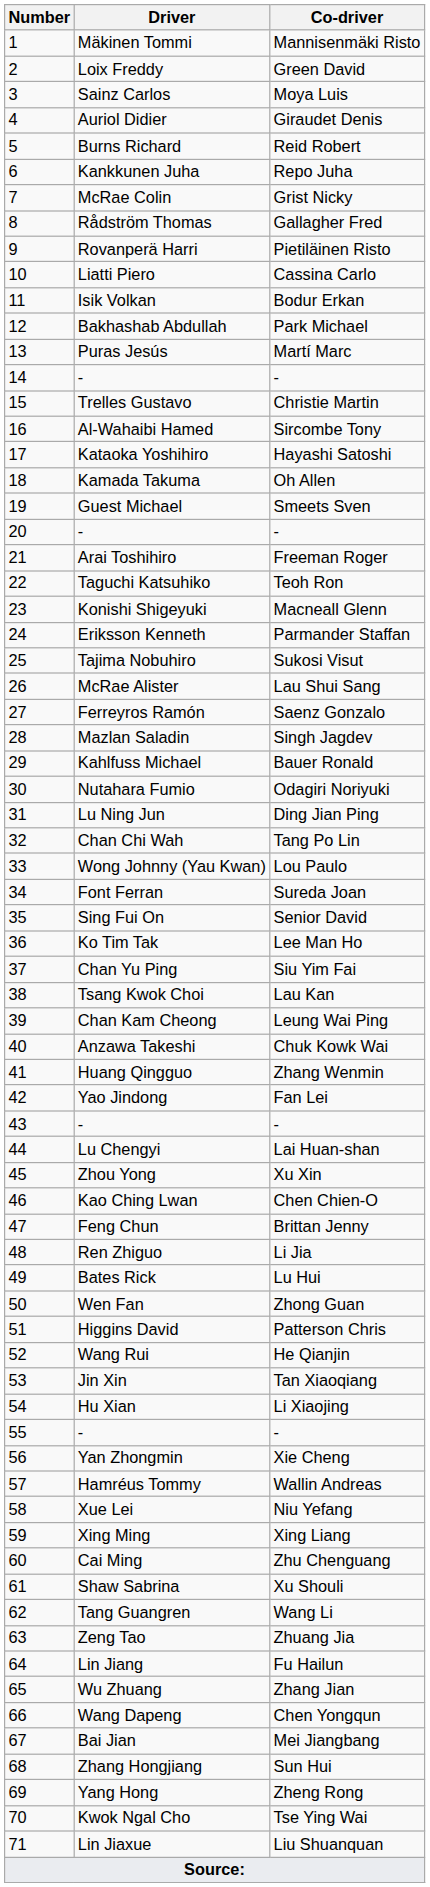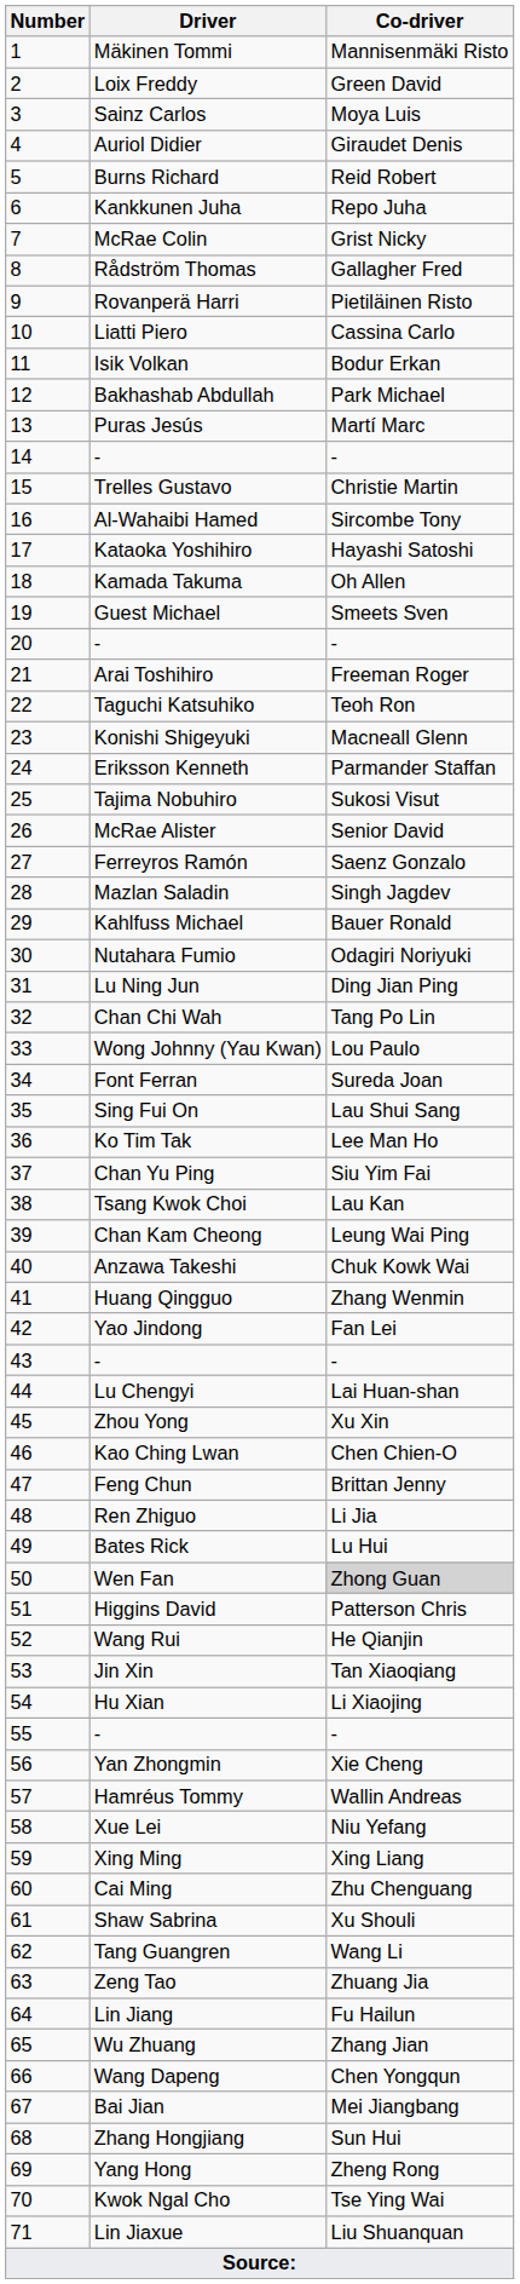 <table class="wikitable" style="font-size: 85%;">
 <tr>
 <th>Number</th>
 <th>Driver</th>
 <th>Co-driver</th>
 </tr>
 <tr>
 <td>1</td>
 <td>Mäkinen Tommi</td>
 <td>Mannisenmäki Risto</td>
 </tr>
 <tr>
 <td>2</td>
 <td>Loix Freddy</td>
 <td>Green David</td>
 </tr>
 <tr>
 <td>3</td>
 <td>Sainz Carlos</td>
 <td>Moya Luis</td>
 </tr>
 <tr>
 <td>4</td>
 <td>Auriol Didier</td>
 <td>Giraudet Denis</td>
 </tr>
 <tr>
 <td>5</td>
 <td>Burns Richard</td>
 <td>Reid Robert</td>
 </tr>
 <tr>
 <td>6</td>
 <td>Kankkunen Juha</td>
 <td>Repo Juha</td>
 </tr>
 <tr>
 <td>7</td>
 <td>McRae Colin</td>
 <td>Grist Nicky</td>
 </tr>
 <tr>
 <td>8</td>
 <td>Rådström Thomas</td>
 <td>Gallagher Fred</td>
 </tr>
 <tr>
 <td>9</td>
 <td>Rovanperä Harri</td>
 <td>Pietiläinen Risto</td>
 </tr>
 <tr>
 <td>10</td>
 <td>Liatti Piero</td>
 <td>Cassina Carlo</td>
 </tr>
 <tr>
 <td>11</td>
 <td>Isik Volkan</td>
 <td>Bodur Erkan</td>
 </tr>
 <tr>
 <td>12</td>
 <td>Bakhashab Abdullah</td>
 <td>Park Michael</td>
 </tr>
 <tr>
 <td>13</td>
 <td>Puras Jesús</td>
 <td>Martí Marc</td>
 </tr>
 <tr>
 <td>14</td>
 <td>-</td>
 <td>-</td>
 </tr>
 <tr>
 <td>15</td>
 <td>Trelles Gustavo</td>
 <td>Christie Martin</td>
 </tr>
 <tr>
 <td>16</td>
 <td>Al-Wahaibi Hamed</td>
 <td>Sircombe Tony</td>
 </tr>
 <tr>
 <td>17</td>
 <td>Kataoka Yoshihiro</td>
 <td>Hayashi Satoshi</td>
 </tr>
 <tr>
 <td>18</td>
 <td>Kamada Takuma</td>
 <td>Oh Allen</td>
 </tr>
 <tr>
 <td>19</td>
 <td>Guest Michael</td>
 <td>Smeets Sven</td>
 </tr>
 <tr>
 <td>20</td>
 <td>-</td>
 <td>-</td>
 </tr>
 <tr>
 <td>21</td>
 <td>Arai Toshihiro</td>
 <td>Freeman Roger</td>
 </tr>
 <tr>
 <td>22</td>
 <td>Taguchi Katsuhiko</td>
 <td>Teoh Ron</td>
 </tr>
 <tr>
 <td>23</td>
 <td>Konishi Shigeyuki</td>
 <td>Macneall Glenn</td>
 </tr>
 <tr>
 <td>24</td>
 <td>Eriksson Kenneth</td>
 <td>Parmander Staffan</td>
 </tr>
 <tr>
 <td>25</td>
 <td>Tajima Nobuhiro</td>
 <td>Sukosi Visut</td>
 </tr>
 <tr>
 <td>26</td>
 <td>McRae Alister</td>
-<td>Lau Shui Sang</td>
+<td>Senior David</td>
 </tr>
 <tr>
 <td>27</td>
 <td>Ferreyros Ramón</td>
 <td>Saenz Gonzalo</td>
 </tr>
 <tr>
 <td>28</td>
 <td>Mazlan Saladin</td>
 <td>Singh Jagdev</td>
 </tr>
 <tr>
 <td>29</td>
 <td>Kahlfuss Michael</td>
 <td>Bauer Ronald</td>
 </tr>
 <tr>
 <td>30</td>
 <td>Nutahara Fumio</td>
 <td>Odagiri Noriyuki</td>
 </tr>
 <tr>
 <td>31</td>
 <td>Lu Ning Jun</td>
 <td>Ding Jian Ping</td>
 </tr>
 <tr>
 <td>32</td>
 <td>Chan Chi Wah</td>
 <td>Tang Po Lin</td>
 </tr>
 <tr>
 <td>33</td>
 <td>Wong Johnny (Yau Kwan)</td>
 <td>Lou Paulo</td>
 </tr>
 <tr>
 <td>34</td>
 <td>Font Ferran</td>
 <td>Sureda Joan</td>
 </tr>
 <tr>
 <td>35</td>
 <td>Sing Fui On</td>
-<td>Senior David</td>
+<td>Lau Shui Sang</td>
 </tr>
 <tr>
 <td>36</td>
 <td>Ko Tim Tak</td>
 <td>Lee Man Ho</td>
 </tr>
 <tr>
 <td>37</td>
 <td>Chan Yu Ping</td>
 <td>Siu Yim Fai</td>
 </tr>
 <tr>
 <td>38</td>
 <td>Tsang Kwok Choi</td>
 <td>Lau Kan</td>
 </tr>
 <tr>
 <td>39</td>
 <td>Chan Kam Cheong</td>
 <td>Leung Wai Ping</td>
 </tr>
 <tr>
 <td>40</td>
 <td>Anzawa Takeshi</td>
 <td>Chuk Kowk Wai</td>
 </tr>
 <tr>
 <td>41</td>
 <td>Huang Qingguo</td>
 <td>Zhang Wenmin</td>
 </tr>
 <tr>
 <td>42</td>
 <td>Yao Jindong</td>
 <td>Fan Lei</td>
 </tr>
 <tr>
 <td>43</td>
 <td>-</td>
 <td>-</td>
 </tr>
 <tr>
 <td>44</td>
 <td>Lu Chengyi</td>
 <td>Lai Huan-shan</td>
 </tr>
 <tr>
 <td>45</td>
 <td>Zhou Yong</td>
 <td>Xu Xin</td>
 </tr>
 <tr>
 <td>46</td>
 <td>Kao Ching Lwan</td>
 <td>Chen Chien-O</td>
 </tr>
 <tr>
 <td>47</td>
 <td>Feng Chun</td>
 <td>Brittan Jenny</td>
 </tr>
 <tr>
 <td>48</td>
 <td>Ren Zhiguo</td>
 <td>Li Jia</td>
 </tr>
 <tr>
 <td>49</td>
 <td>Bates Rick</td>
 <td>Lu Hui</td>
 </tr>
 <tr>
 <td>50</td>
 <td>Wen Fan</td>
-<td>Zhong Guan</td>
+<td style="background: lightgrey;">Zhong Guan</td>
 </tr>
 <tr>
 <td>51</td>
 <td>Higgins David</td>
 <td>Patterson Chris</td>
 </tr>
 <tr>
 <td>52</td>
 <td>Wang Rui</td>
 <td>He Qianjin</td>
 </tr>
 <tr>
 <td>53</td>
 <td>Jin Xin</td>
 <td>Tan Xiaoqiang</td>
 </tr>
 <tr>
 <td>54</td>
 <td>Hu Xian</td>
 <td>Li Xiaojing</td>
 </tr>
 <tr>
 <td>55</td>
 <td>-</td>
 <td>-</td>
 </tr>
 <tr>
 <td>56</td>
 <td>Yan Zhongmin</td>
 <td>Xie Cheng</td>
 </tr>
 <tr>
 <td>57</td>
 <td>Hamréus Tommy</td>
 <td>Wallin Andreas</td>
 </tr>
 <tr>
 <td>58</td>
 <td>Xue Lei</td>
 <td>Niu Yefang</td>
 </tr>
 <tr>
 <td>59</td>
 <td>Xing Ming</td>
 <td>Xing Liang</td>
 </tr>
 <tr>
 <td>60</td>
 <td>Cai Ming</td>
 <td>Zhu Chenguang</td>
 </tr>
 <tr>
 <td>61</td>
 <td>Shaw Sabrina</td>
 <td>Xu Shouli</td>
 </tr>
 <tr>
 <td>62</td>
 <td>Tang Guangren</td>
 <td>Wang Li</td>
 </tr>
 <tr>
 <td>63</td>
 <td>Zeng Tao</td>
 <td>Zhuang Jia</td>
 </tr>
 <tr>
 <td>64</td>
 <td>Lin Jiang</td>
 <td>Fu Hailun</td>
 </tr>
 <tr>
 <td>65</td>
 <td>Wu Zhuang</td>
 <td>Zhang Jian</td>
 </tr>
 <tr>
 <td>66</td>
 <td>Wang Dapeng</td>
 <td>Chen Yongqun</td>
 </tr>
 <tr>
 <td>67</td>
 <td>Bai Jian</td>
 <td>Mei Jiangbang</td>
 </tr>
 <tr>
 <td>68</td>
 <td>Zhang Hongjiang</td>
 <td>Sun Hui</td>
 </tr>
 <tr>
 <td>69</td>
 <td>Yang Hong</td>
 <td>Zheng Rong</td>
 </tr>
 <tr>
 <td>70</td>
 <td>Kwok Ngal Cho</td>
 <td>Tse Ying Wai</td>
 </tr>
 <tr>
 <td>71</td>
 <td>Lin Jiaxue</td>
 <td>Liu Shuanquan</td>
 </tr>
 <tr>
 <td style="background-color:#EAECF0; text-align:center" colspan="5"><strong>Source:</strong></td>
 </tr>
 <tr>
 </tr>
 </table>
